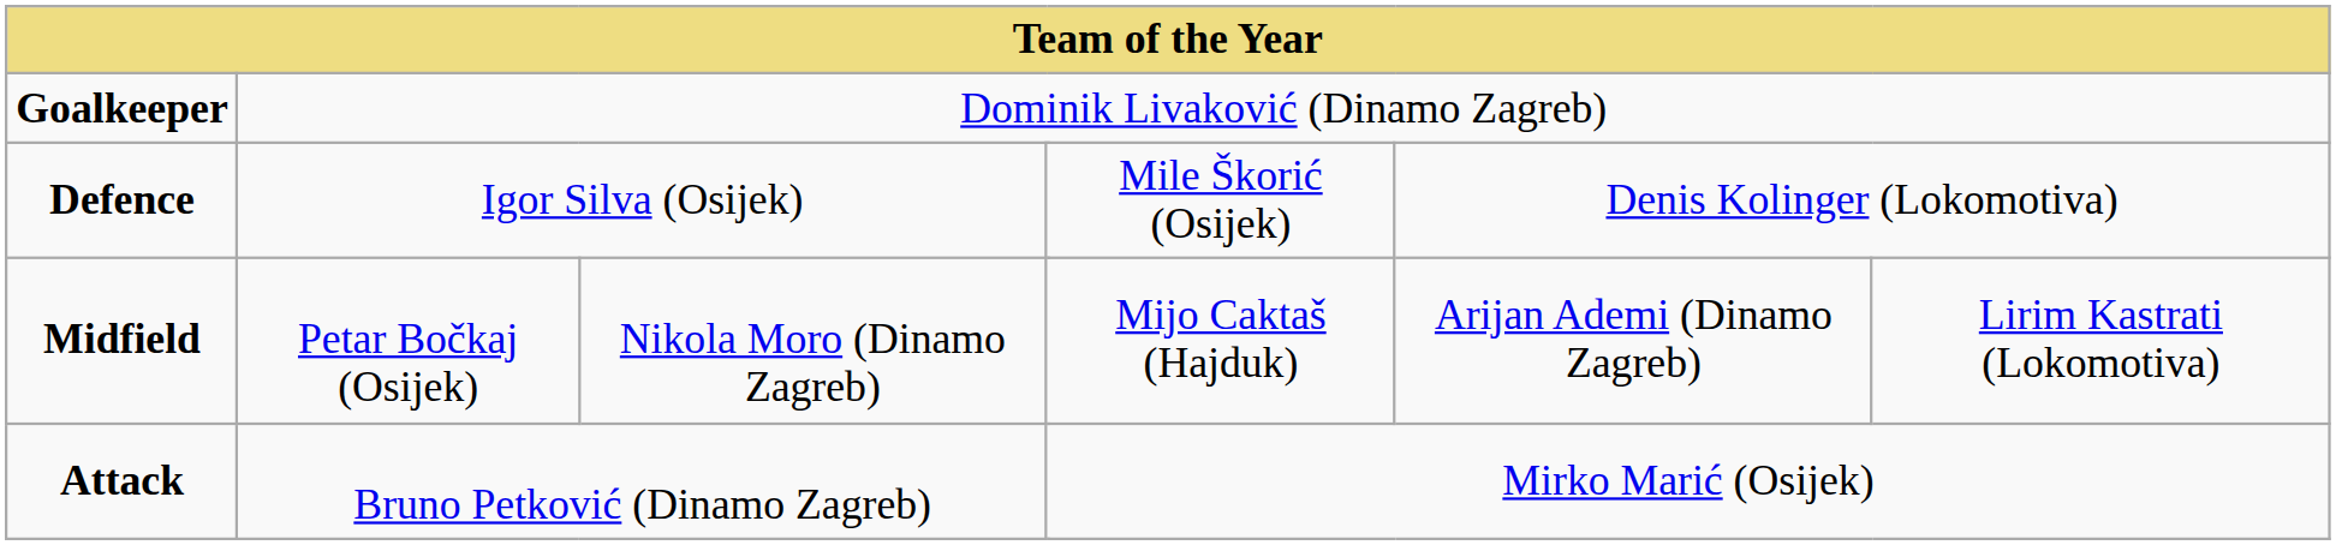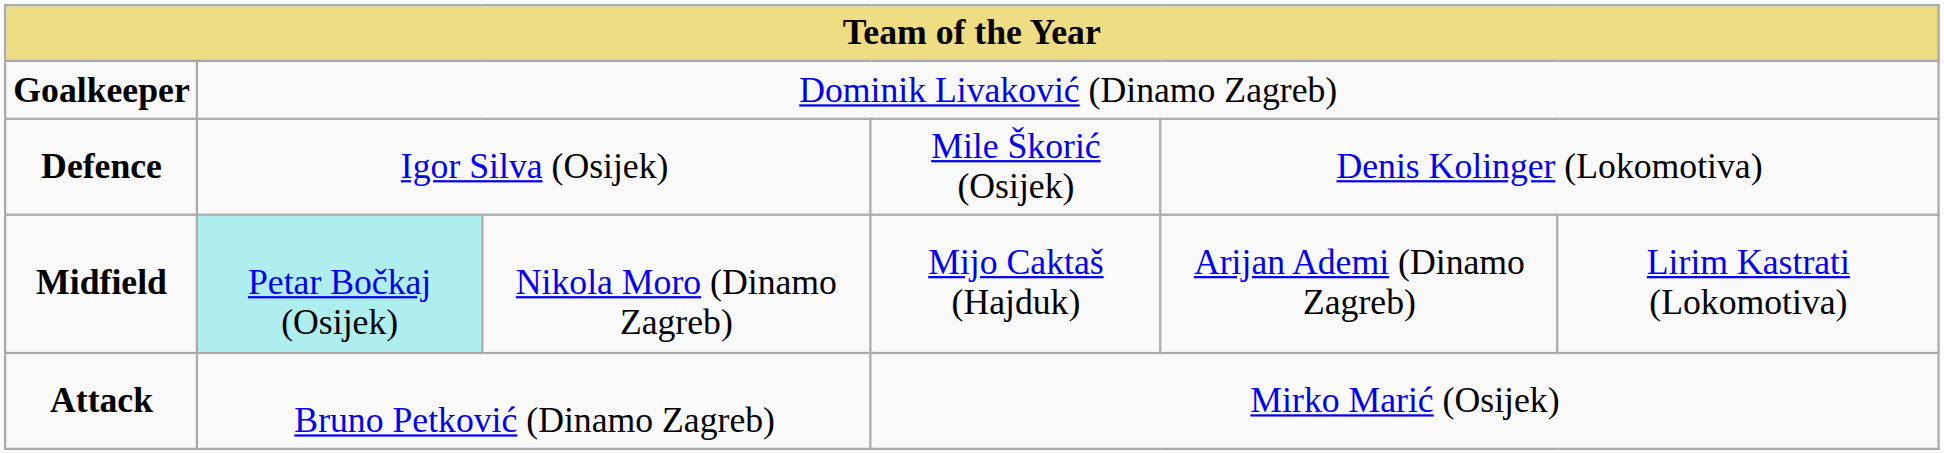 <table class="wikitable" style="text-align:center">
 <tr>
 <th style="background-color: #eedd82"     colspan="13">Team of the Year</th>
 </tr>
 <tr>
 <td><strong>Goalkeeper</strong></td>
 <td colspan="13"> <a href='#'>Dominik Livaković</a> (Dinamo Zagreb)</td>
 </tr>
 <tr>
 <td><strong>Defence</strong></td>
 <td colspan="3">  <a href='#'>Igor Silva</a> (Osijek)</td>
 <td colspan="1"> <a href='#'>Mile Škorić</a> (Osijek)</td>
 <td colspan="3"> <a href='#'>Denis Kolinger</a> (Lokomotiva)</td>
 </tr>
 <tr>
 <td><strong>Midfield</strong></td>
-<td><br> <a href='#'>Petar Bočkaj</a> (Osijek)</td>
+<td style="background: paleturquoise;"><br> <a href='#'>Petar Bočkaj</a> (Osijek)</td>
 <td colspan="2"><br> <a href='#'>Nikola Moro</a> (Dinamo Zagreb)</td>
 <td> <a href='#'>Mijo Caktaš</a> (Hajduk)</td>
 <td> <a href='#'>Arijan Ademi</a> (Dinamo Zagreb)</td>
 <td> <a href='#'>Lirim Kastrati</a> (Lokomotiva)</td>
 </tr>
 <tr>
 <td><strong>Attack</strong></td>
 <td colspan="3"><br> <a href='#'>Bruno Petković</a> (Dinamo Zagreb)</td>
 <td colspan="3"> <a href='#'>Mirko Marić</a> (Osijek)</td>
 </tr>
 </table>
